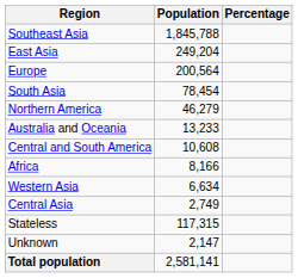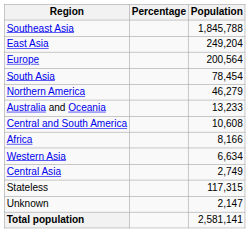 <table class="wikitable sortable" border="1">
 <tr>
 <th scope="col">Region</th>
+<th scope="col">Percentage</th>
 <th scope="col">Population</th>
-<th scope="col">Percentage</th>
 </tr>
 <tr>
 <td><a href='#'>Southeast Asia</a></td>
+<td></td>
 <td style="text-align: right;">1,845,788</td>
-<td></td>
 </tr>
 <tr>
 <td><a href='#'>East Asia</a></td>
+<td></td>
 <td style="text-align: right;">249,204</td>
-<td></td>
 </tr>
 <tr>
 <td><a href='#'>Europe</a></td>
+<td></td>
 <td style="text-align: right;">200,564</td>
-<td></td>
 </tr>
 <tr>
 <td><a href='#'>South Asia</a></td>
+<td></td>
 <td style="text-align: right;">78,454</td>
-<td></td>
 </tr>
 <tr>
 <td><a href='#'>Northern America</a></td>
+<td></td>
 <td style="text-align: right;">46,279</td>
-<td></td>
 </tr>
 <tr>
 <td><a href='#'>Australia</a> and <a href='#'>Oceania</a></td>
+<td></td>
 <td style="text-align: right;">13,233</td>
-<td></td>
 </tr>
 <tr>
 <td><a href='#'>Central and South America</a></td>
+<td></td>
 <td style="text-align: right;">10,608</td>
-<td></td>
 </tr>
 <tr>
 <td><a href='#'>Africa</a></td>
+<td></td>
 <td style="text-align: right;">8,166</td>
-<td></td>
 </tr>
 <tr>
 <td><a href='#'>Western Asia</a></td>
+<td></td>
 <td style="text-align: right;">6,634</td>
-<td></td>
 </tr>
 <tr>
 <td><a href='#'>Central Asia</a></td>
+<td></td>
 <td style="text-align: right;">2,749</td>
-<td></td>
 </tr>
 <tr>
 <td>Stateless</td>
+<td></td>
 <td style="text-align: right;">117,315</td>
-<td></td>
 </tr>
 <tr>
 <td>Unknown</td>
+<td></td>
 <td style="text-align: right;">2,147</td>
-<td></td>
 </tr>
 <tr>
 <th style="text-align: left">Total population</th>
+<td></td>
 <td style="text-align: right;">2,581,141</td>
-<td></td>
 </tr>
 </table>
